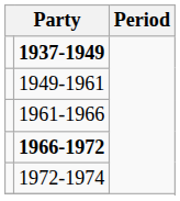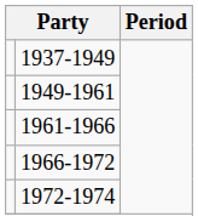 <table class="wikitable">
 <tr>
 <th colspan="2">Party</th>
 <th>Period</th>
 </tr>
 <tr>
 <td></td>
-<td><strong>1937-1949</strong></td>
+<td>1937-1949</td>
 </tr>
 <tr>
 <td></td>
 <td>1949-1961</td>
 </tr>
 <tr>
 <td></td>
 <td>1961-1966</td>
 </tr>
 <tr>
 <td></td>
-<td><strong>1966-1972</strong></td>
+<td>1966-1972</td>
 </tr>
 <tr>
 <td></td>
 <td>1972-1974</td>
 </tr>
 <tr>
 </tr>
 </table>
